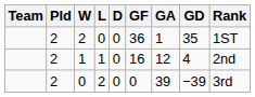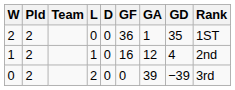 <table class="wikitable" border="1" style="font-size:90%;" style="text-align:center;">
 <tr>
+<th>W</th>
+<th>Pld</th>
 <th>Team</th>
-<th>Pld</th>
-<th>W</th>
 <th>L</th>
 <th>D</th>
 <th>GF</th>
 <th>GA</th>
 <th>GD</th>
 <th>Rank</th>
 </tr>
 <tr>
-<td></td>
 <td>2</td>
 <td>2</td>
+<td></td>
 <td>0</td>
 <td>0</td>
 <td>36</td>
 <td>1</td>
 <td>35</td>
 <td>1ST</td>
 </tr>
 <tr>
+<td>1</td>
+<td>2</td>
 <td></td>
-<td>2</td>
-<td>1</td>
 <td>1</td>
 <td>0</td>
 <td>16</td>
 <td>12</td>
 <td>4</td>
 <td>2nd</td>
 </tr>
 <tr>
+<td>0</td>
+<td>2</td>
 <td></td>
-<td>2</td>
-<td>0</td>
 <td>2</td>
 <td>0</td>
 <td>0</td>
 <td>39</td>
 <td>−39</td>
 <td>3rd</td>
 </tr>
 </table>
